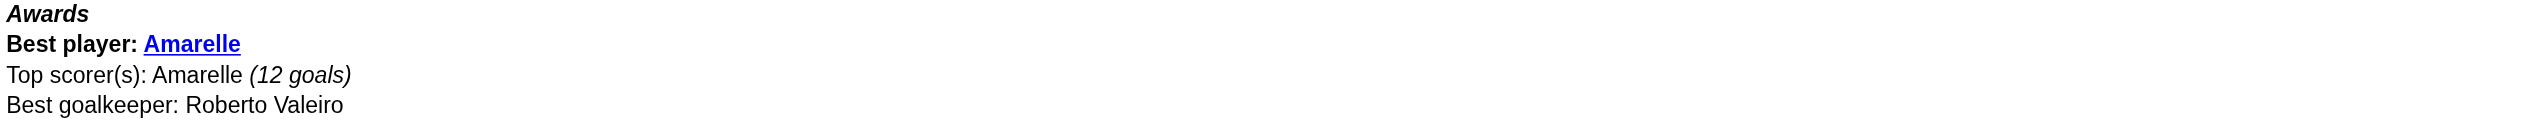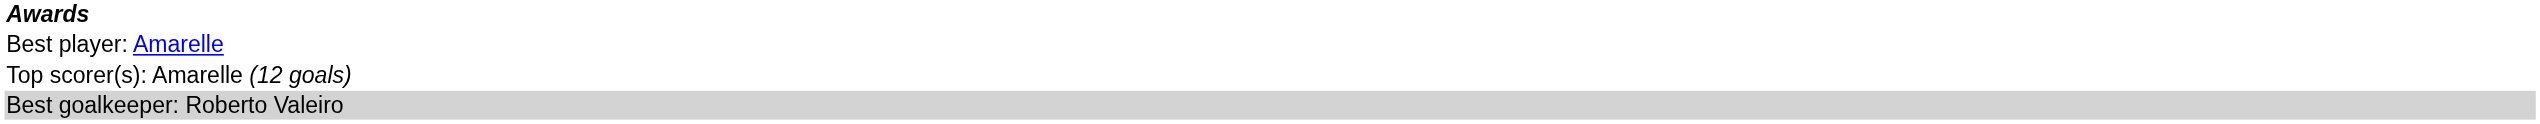 <table width=100% cellspacing=1 style="font-size: 90%;">
 <tr>
 <td><strong><em>Awards</em></strong></td>
 </tr>
 <tr>
-<td><strong>Best player:  <a href='#'>Amarelle</a></strong></td>
+<td>Best player:  <a href='#'>Amarelle</a></td>
 </tr>
 <tr>
 <td colspan=4>Top scorer(s):  Amarelle <em>(12 goals)</em></td>
 </tr>
 <tr>
-<td>Best goalkeeper:  Roberto Valeiro</td>
+<td style="background: lightgrey;">Best goalkeeper:  Roberto Valeiro</td>
 </tr>
 </table>
